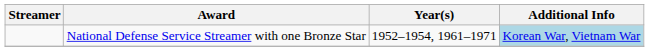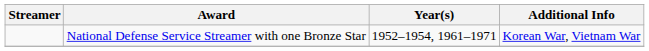 <table class="wikitable" style="margin:auto;">
 <tr>
 <th>Streamer</th>
 <th>Award</th>
 <th>Year(s)</th>
 <th>Additional Info</th>
 </tr>
 <tr>
 <td></td>
 <td><a href='#'>National Defense Service Streamer</a> with one Bronze Star</td>
 <td>1952–1954, 1961–1971</td>
-<td style="background: lightblue;"><a href='#'>Korean War</a>, <a href='#'>Vietnam War</a></td>
+<td><a href='#'>Korean War</a>, <a href='#'>Vietnam War</a></td>
 </tr>
 <tr>
 </tr>
 </table>
